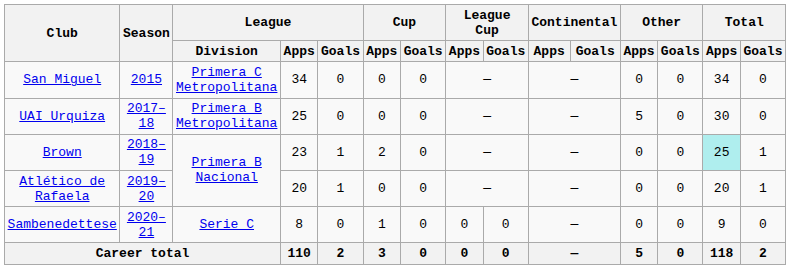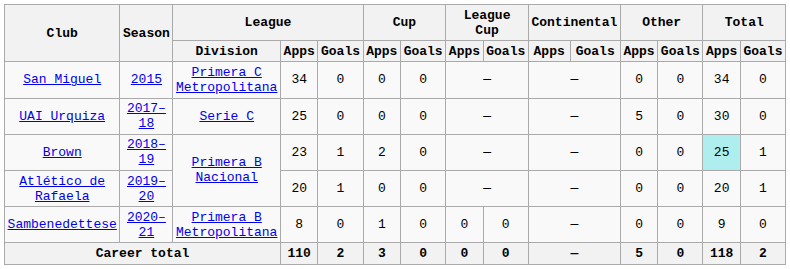 <table class="wikitable" style="text-align:center">
 <tr>
 <th rowspan="2">Club</th>
 <th rowspan="2">Season</th>
 <th colspan="3">League</th>
 <th colspan="2">Cup</th>
 <th colspan="2">League Cup</th>
 <th colspan="2">Continental</th>
 <th colspan="2">Other</th>
 <th colspan="2">Total</th>
 </tr>
 <tr>
 <th>Division</th>
 <th>Apps</th>
 <th>Goals</th>
 <th>Apps</th>
 <th>Goals</th>
 <th>Apps</th>
 <th>Goals</th>
 <th>Apps</th>
 <th>Goals</th>
 <th>Apps</th>
 <th>Goals</th>
 <th>Apps</th>
 <th>Goals</th>
 </tr>
 <tr>
 <td rowspan="1"><a href='#'>San Miguel</a></td>
 <td><a href='#'>2015</a></td>
 <td rowspan="1"><a href='#'>Primera C Metropolitana</a></td>
 <td>34</td>
 <td>0</td>
 <td>0</td>
 <td>0</td>
 <td colspan="2">—</td>
 <td colspan="2">—</td>
 <td>0</td>
 <td>0</td>
 <td>34</td>
 <td>0</td>
 </tr>
 <tr>
 <td rowspan="1"><a href='#'>UAI Urquiza</a></td>
 <td><a href='#'>2017–18</a></td>
-<td rowspan="1"><a href='#'>Primera B Metropolitana</a></td>
+<td rowspan="1"><a href='#'>Serie C</a></td>
 <td>25</td>
 <td>0</td>
 <td>0</td>
 <td>0</td>
 <td colspan="2">—</td>
 <td colspan="2">—</td>
 <td>5</td>
 <td>0</td>
 <td>30</td>
 <td>0</td>
 </tr>
 <tr>
 <td rowspan="1"><a href='#'>Brown</a></td>
 <td><a href='#'>2018–19</a></td>
 <td rowspan="2"><a href='#'>Primera B Nacional</a></td>
 <td>23</td>
 <td>1</td>
 <td>2</td>
 <td>0</td>
 <td colspan="2">—</td>
 <td colspan="2">—</td>
 <td>0</td>
 <td>0</td>
 <td style="background: paleturquoise;">25</td>
 <td>1</td>
 </tr>
 <tr>
 <td rowspan="1"><a href='#'>Atlético de Rafaela</a></td>
 <td><a href='#'>2019–20</a></td>
 <td>20</td>
 <td>1</td>
 <td>0</td>
 <td>0</td>
 <td colspan="2">—</td>
 <td colspan="2">—</td>
 <td>0</td>
 <td>0</td>
 <td>20</td>
 <td>1</td>
 </tr>
 <tr>
 <td rowspan="1"><a href='#'>Sambenedettese</a></td>
 <td><a href='#'>2020–21</a></td>
-<td rowspan="1"><a href='#'>Serie C</a></td>
+<td rowspan="1"><a href='#'>Primera B Metropolitana</a></td>
 <td>8</td>
 <td>0</td>
 <td>1</td>
 <td>0</td>
 <td>0</td>
 <td>0</td>
 <td colspan="2">—</td>
 <td>0</td>
 <td>0</td>
 <td>9</td>
 <td>0</td>
 </tr>
 <tr>
 <th colspan="3">Career total</th>
 <th>110</th>
 <th>2</th>
 <th>3</th>
 <th>0</th>
 <th>0</th>
 <th>0</th>
 <th colspan="2">—</th>
 <th>5</th>
 <th>0</th>
 <th>118</th>
 <th>2</th>
 </tr>
 </table>
